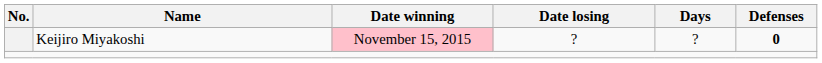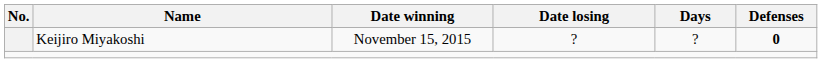 <table class="wikitable" style="width:100%;">
 <tr>
 <th style="width:1%;">No.</th>
 <th style="width:37%;">Name</th>
 <th style="width:20%;">Date winning</th>
 <th style="width:20%;">Date losing</th>
 <th data-sort-type="number" style="width:10%;">Days</th>
 <th data-sort-type="number" style="width:10%;">Defenses</th>
 </tr>
 <tr align=center>
 <th></th>
 <td align=left> Keijiro Miyakoshi</td>
-<td style="background: pink;">November 15, 2015</td>
+<td>November 15, 2015</td>
 <td>?</td>
 <td>?</td>
 <td><strong>0</strong></td>
 </tr>
 <tr>
 <td colspan="6"></td>
 </tr>
 </table>
